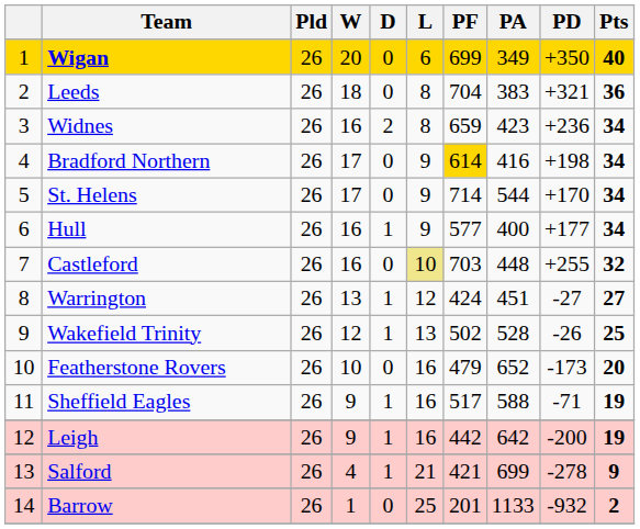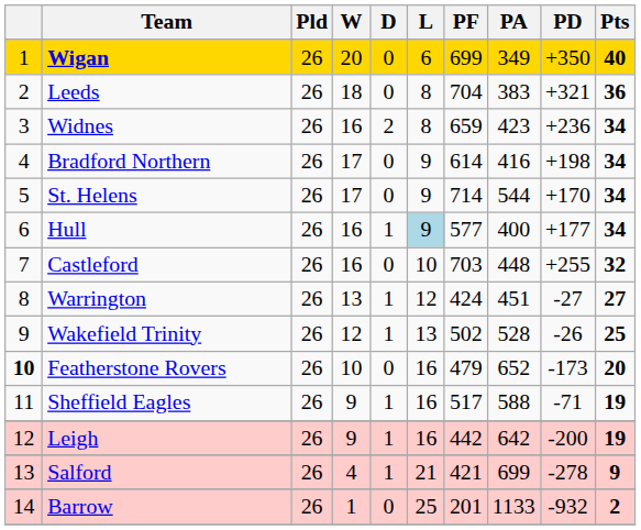 <table class="wikitable" style="text-align:center;">
 <tr>
 <th width=20 abbr="Position"></th>
 <th width=175>Team</th>
 <th width=20 abbr="Played">Pld</th>
 <th width=20 abbr="Won">W</th>
 <th width=20 abbr="Drawn">D</th>
 <th width=20 abbr="Lost">L</th>
 <th width=20 abbr="Points for">PF</th>
 <th width=20 abbr="Points against">PA</th>
 <th width=20 abbr="Points difference">PD</th>
 <th width=20 abbr="Points">Pts</th>
 </tr>
 <tr>
 </tr>
 <tr |- align=center style="background:#FFD700;">
 <td>1</td>
 <td style="text-align:left;"> <strong><a href='#'>Wigan</a></strong></td>
 <td>26</td>
 <td>20</td>
 <td>0</td>
 <td>6</td>
 <td>699</td>
 <td>349</td>
 <td>+350</td>
 <td><strong>40</strong></td>
 </tr>
 <tr>
 <td>2</td>
 <td style="text-align:left;"> <a href='#'>Leeds</a></td>
 <td>26</td>
 <td>18</td>
 <td>0</td>
 <td>8</td>
 <td>704</td>
 <td>383</td>
 <td>+321</td>
 <td><strong>36</strong></td>
 </tr>
 <tr>
 <td>3</td>
 <td style="text-align:left;"> <a href='#'>Widnes</a></td>
 <td>26</td>
 <td>16</td>
 <td>2</td>
 <td>8</td>
 <td>659</td>
 <td>423</td>
 <td>+236</td>
 <td><strong>34</strong></td>
 </tr>
 <tr>
 <td>4</td>
 <td style="text-align:left;"> <a href='#'>Bradford Northern</a></td>
 <td>26</td>
 <td>17</td>
 <td>0</td>
 <td>9</td>
-<td style="background: gold;">614</td>
+<td>614</td>
 <td>416</td>
 <td>+198</td>
 <td><strong>34</strong></td>
 </tr>
 <tr>
 <td>5</td>
 <td style="text-align:left;"> <a href='#'>St. Helens</a></td>
 <td>26</td>
 <td>17</td>
 <td>0</td>
 <td>9</td>
 <td>714</td>
 <td>544</td>
 <td>+170</td>
 <td><strong>34</strong></td>
 </tr>
 <tr>
 <td>6</td>
 <td style="text-align:left;"> <a href='#'>Hull</a></td>
 <td>26</td>
 <td>16</td>
 <td>1</td>
-<td>9</td>
+<td style="background: lightblue;">9</td>
 <td>577</td>
 <td>400</td>
 <td>+177</td>
 <td><strong>34</strong></td>
 </tr>
 <tr>
 <td>7</td>
 <td style="text-align:left;"> <a href='#'>Castleford</a></td>
 <td>26</td>
 <td>16</td>
 <td>0</td>
-<td style="background: khaki;">10</td>
+<td>10</td>
 <td>703</td>
 <td>448</td>
 <td>+255</td>
 <td><strong>32</strong></td>
 </tr>
 <tr>
 <td>8</td>
 <td style="text-align:left;"> <a href='#'>Warrington</a></td>
 <td>26</td>
 <td>13</td>
 <td>1</td>
 <td>12</td>
 <td>424</td>
 <td>451</td>
 <td>-27</td>
 <td><strong>27</strong></td>
 </tr>
 <tr>
 <td>9</td>
 <td style="text-align:left;"> <a href='#'>Wakefield Trinity</a></td>
 <td>26</td>
 <td>12</td>
 <td>1</td>
 <td>13</td>
 <td>502</td>
 <td>528</td>
 <td>-26</td>
 <td><strong>25</strong></td>
 </tr>
 <tr>
-<td>10</td>
+<td><strong>10</strong></td>
 <td style="text-align:left;"> <a href='#'>Featherstone Rovers</a></td>
 <td>26</td>
 <td>10</td>
 <td>0</td>
 <td>16</td>
 <td>479</td>
 <td>652</td>
 <td>-173</td>
 <td><strong>20</strong></td>
 </tr>
 <tr>
 <td>11</td>
 <td style="text-align:left;"> <a href='#'>Sheffield Eagles</a></td>
 <td>26</td>
 <td>9</td>
 <td>1</td>
 <td>16</td>
 <td>517</td>
 <td>588</td>
 <td>-71</td>
 <td><strong>19</strong></td>
 </tr>
 <tr>
 </tr>
 <tr style="background:#FFCCCC">
 <td>12</td>
 <td style="text-align:left;"> <a href='#'>Leigh</a></td>
 <td>26</td>
 <td>9</td>
 <td>1</td>
 <td>16</td>
 <td>442</td>
 <td>642</td>
 <td>-200</td>
 <td><strong>19</strong></td>
 </tr>
 <tr>
 </tr>
 <tr style="background:#FFCCCC">
 <td>13</td>
 <td style="text-align:left;"> <a href='#'>Salford</a></td>
 <td>26</td>
 <td>4</td>
 <td>1</td>
 <td>21</td>
 <td>421</td>
 <td>699</td>
 <td>-278</td>
 <td><strong>9</strong></td>
 </tr>
 <tr>
 </tr>
 <tr style="background:#FFCCCC">
 <td>14</td>
 <td style="text-align:left;"> <a href='#'>Barrow</a></td>
 <td>26</td>
 <td>1</td>
 <td>0</td>
 <td>25</td>
 <td>201</td>
 <td>1133</td>
 <td>-932</td>
 <td><strong>2</strong></td>
 </tr>
 <tr>
 </tr>
 </table>
